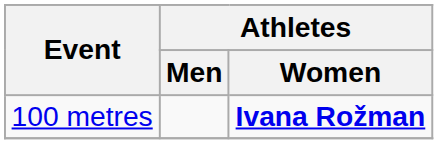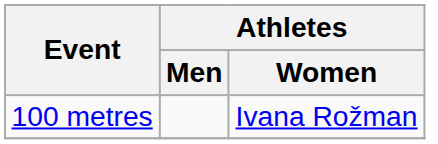 <table class=wikitable style="font-size:90%">
 <tr>
 <th rowspan=2>Event</th>
 <th colspan=2>Athletes</th>
 </tr>
 <tr>
 <th>Men</th>
 <th>Women</th>
 </tr>
 <tr>
 <td><a href='#'>100 metres</a></td>
 <td></td>
-<td><strong><a href='#'>Ivana Rožman</a></strong></td>
+<td><a href='#'>Ivana Rožman</a></td>
 </tr>
 <tr>
 </tr>
 </table>
